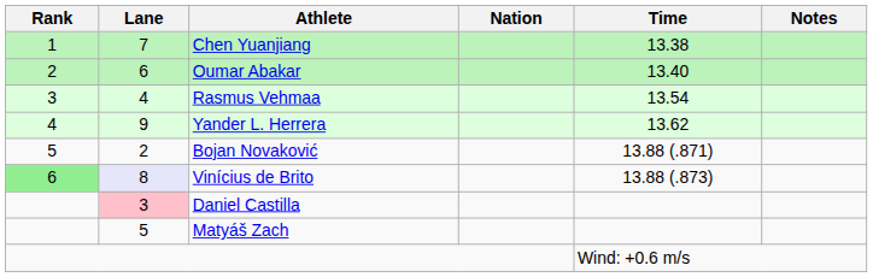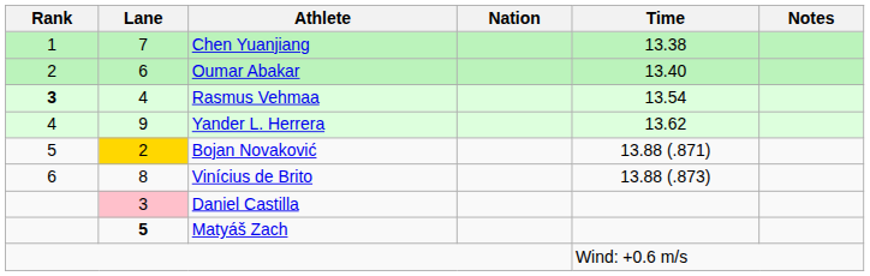 <table class="wikitable sortable" style="text-align:center;width: 65%;">
 <tr>
 <th scope="col">Rank</th>
 <th scope="col">Lane</th>
 <th scope="col">Athlete</th>
 <th scope="col">Nation</th>
 <th scope="col">Time</th>
 <th scope="col">Notes</th>
 </tr>
 <tr bgcolor=bbf3bb>
 <td>1</td>
 <td>7</td>
 <td align=left><a href='#'>Chen Yuanjiang</a></td>
 <td align=left></td>
 <td>13.38</td>
 <td></td>
 </tr>
 <tr bgcolor=bbf3bb>
 <td>2</td>
 <td>6</td>
 <td align=left><a href='#'>Oumar Abakar</a></td>
 <td align=left></td>
 <td>13.40</td>
 <td></td>
 </tr>
 <tr bgcolor=ddffdd>
-<td>3</td>
+<td><strong>3</strong></td>
 <td>4</td>
 <td align=left><a href='#'>Rasmus Vehmaa</a></td>
 <td align=left></td>
 <td>13.54</td>
 <td></td>
 </tr>
 <tr bgcolor=ddffdd>
 <td>4</td>
 <td>9</td>
 <td align=left><a href='#'>Yander L. Herrera</a></td>
 <td align=left></td>
 <td>13.62</td>
 <td></td>
 </tr>
 <tr>
 <td>5</td>
-<td>2</td>
+<td style="background: gold;">2</td>
 <td align=left><a href='#'>Bojan Novaković</a></td>
 <td align=left></td>
 <td>13.88 (.871)</td>
 <td></td>
 </tr>
 <tr>
-<td style="background: lightgreen;">6</td>
-<td style="background: lavender;">8</td>
+<td>6</td>
+<td>8</td>
 <td align=left><a href='#'>Vinícius de Brito</a></td>
 <td align=left></td>
 <td>13.88 (.873)</td>
 <td></td>
 </tr>
 <tr>
 <td></td>
 <td style="background: pink;">3</td>
 <td align=left><a href='#'>Daniel Castilla</a></td>
 <td align=left></td>
 <td></td>
 <td></td>
 </tr>
 <tr>
 <td></td>
-<td>5</td>
+<td><strong>5</strong></td>
 <td align=left><a href='#'>Matyáš Zach</a></td>
 <td align=left></td>
 <td></td>
 <td></td>
 </tr>
 <tr class="sortbottom">
 <td colspan="4"></td>
 <td colspan="2" style="text-align:left;">Wind: +0.6 m/s</td>
 </tr>
 </table>
